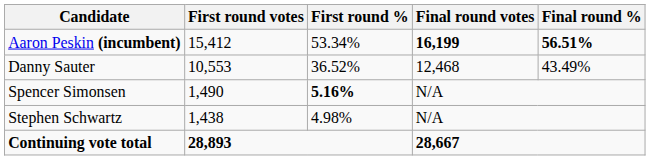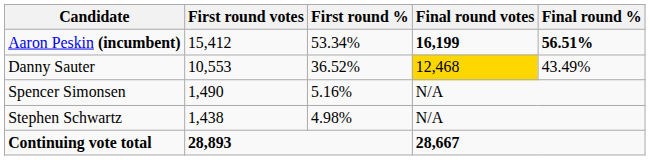 <table class="wikitable">
 <tr>
 <th>Candidate</th>
 <th>First round votes</th>
 <th>First round %</th>
 <th>Final round votes</th>
 <th>Final round %</th>
 </tr>
 <tr>
 <td><a href='#'>Aaron Peskin</a> <strong>(incumbent)</strong></td>
 <td>15,412</td>
 <td>53.34%</td>
 <td><strong>16,199</strong></td>
 <td><strong>56.51%</strong></td>
 </tr>
 <tr>
 <td>Danny Sauter</td>
 <td>10,553</td>
 <td>36.52%</td>
-<td>12,468</td>
+<td style="background: gold;">12,468</td>
 <td>43.49%</td>
 </tr>
 <tr>
 <td>Spencer Simonsen</td>
 <td>1,490</td>
-<td><strong>5.16%</strong></td>
+<td>5.16%</td>
 <td colspan="2">N/A</td>
 </tr>
 <tr>
 <td>Stephen Schwartz</td>
 <td>1,438</td>
 <td>4.98%</td>
 <td colspan="2">N/A</td>
 </tr>
 <tr>
 <td><strong>Continuing vote total</strong></td>
 <td colspan="2"><strong>28,893</strong></td>
 <td colspan="2"><strong>28,667</strong></td>
 </tr>
 </table>
